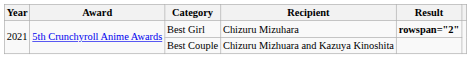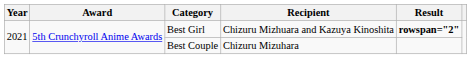 <table class="wikitable plainrowheaders sortable">
 <tr>
 <th scope="col">Year</th>
 <th scope="col">Award</th>
 <th scope="col">Category</th>
 <th scope="col">Recipient</th>
 <th scope="col">Result</th>
 <th scope="col" class="unsortable"></th>
 </tr>
 <tr>
 <td rowspan="2" align="center">2021</td>
 <td rowspan="2" align="center"><a href='#'>5th Crunchyroll Anime Awards</a></td>
 <td>Best Girl</td>
-<td>Chizuru Mizuhara</td>
+<td>Chizuru Mizhuara and Kazuya Kinoshita</td>
 <td><strong>rowspan="2" </strong></td>
 <td rowspan="2" style="text-align:center;"></td>
 </tr>
 <tr>
 <td>Best Couple</td>
-<td>Chizuru Mizhuara and Kazuya Kinoshita</td>
+<td>Chizuru Mizuhara</td>
 </tr>
 </table>
